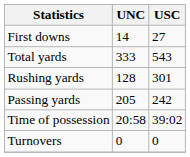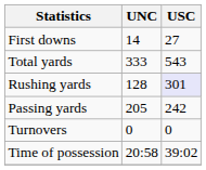 <table class="wikitable">
 <tr>
 <th>Statistics</th>
 <th>UNC</th>
 <th>USC</th>
 </tr>
 <tr>
 <td>First downs</td>
 <td>14</td>
 <td>27</td>
 </tr>
 <tr>
 <td>Total yards</td>
 <td>333</td>
 <td>543</td>
 </tr>
 <tr>
 <td>Rushing yards</td>
 <td>128</td>
-<td>301</td>
+<td style="background: lavender;">301</td>
 </tr>
 <tr>
 <td>Passing yards</td>
 <td>205</td>
 <td>242</td>
 </tr>
 <tr>
+<td>Turnovers</td>
+<td>0</td>
+<td>0</td>
+</tr>
+<tr>
 <td>Time of possession</td>
 <td>20:58</td>
 <td>39:02</td>
 </tr>
 <tr>
-<td>Turnovers</td>
-<td>0</td>
-<td>0</td>
-</tr>
-<tr>
 </tr>
 </table>
